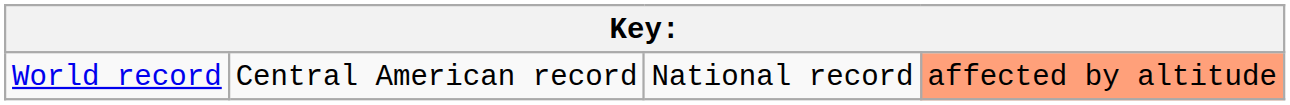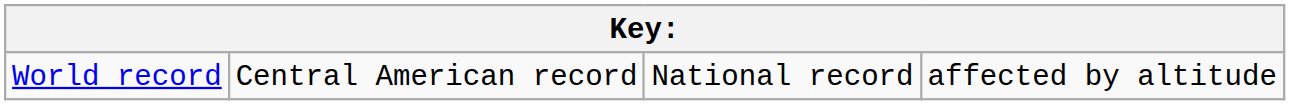 <table class="wikitable">
 <tr>
 <th colspan=4>Key:</th>
 </tr>
 <tr>
 <td><a href='#'>World record</a></td>
 <td>Central American record</td>
 <td>National record</td>
-<td style="background: lightsalmon;">affected by altitude</td>
+<td>affected by altitude</td>
 </tr>
 </table>
